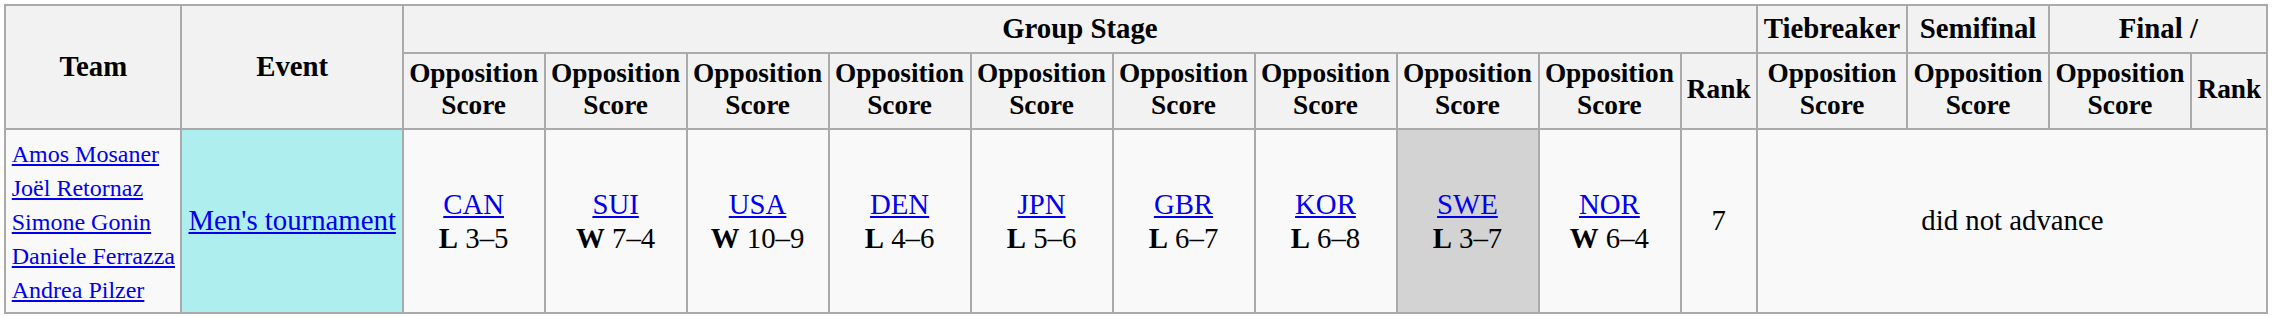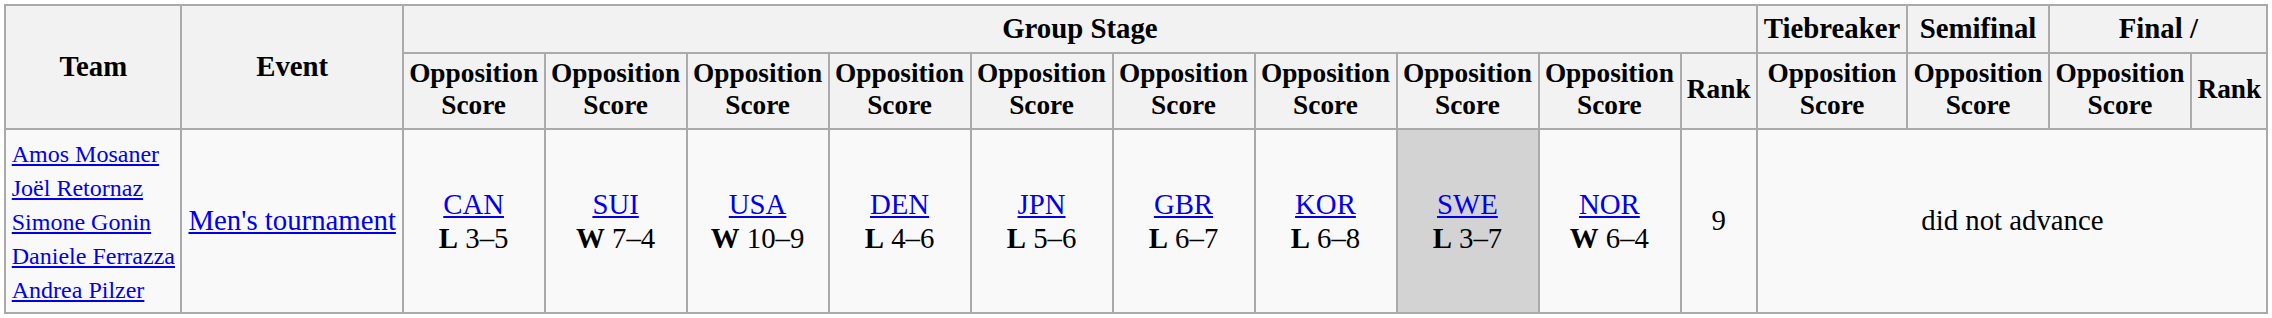 <table class="wikitable" style="font-size:90%">
 <tr>
 <th rowspan=2>Team</th>
 <th rowspan=2>Event</th>
 <th colspan=10>Group Stage</th>
 <th>Tiebreaker</th>
 <th>Semifinal</th>
 <th colspan=2>Final / </th>
 </tr>
 <tr style="font-size:95%">
 <th>Opposition<br>Score</th>
 <th>Opposition<br>Score</th>
 <th>Opposition<br>Score</th>
 <th>Opposition<br>Score</th>
 <th>Opposition<br>Score</th>
 <th>Opposition<br>Score</th>
 <th>Opposition<br>Score</th>
 <th>Opposition<br>Score</th>
 <th>Opposition<br>Score</th>
 <th>Rank</th>
 <th>Opposition<br>Score</th>
 <th>Opposition<br>Score</th>
 <th>Opposition<br>Score</th>
 <th>Rank</th>
 </tr>
 <tr align=center>
 <td align=left><small><a href='#'>Amos Mosaner</a><br><a href='#'>Joël Retornaz</a><br><a href='#'>Simone Gonin</a><br><a href='#'>Daniele Ferrazza</a><br><a href='#'>Andrea Pilzer</a></small></td>
-<td align=left style="background: paleturquoise;"><a href='#'>Men's tournament</a></td>
+<td align=left><a href='#'>Men's tournament</a></td>
 <td> <a href='#'>CAN</a><br><strong>L</strong> 3–5</td>
 <td> <a href='#'>SUI</a><br><strong>W</strong> 7–4</td>
 <td> <a href='#'>USA</a><br><strong>W</strong> 10–9</td>
 <td> <a href='#'>DEN</a><br> <strong>L</strong> 4–6</td>
 <td> <a href='#'>JPN</a><br> <strong>L</strong> 5–6</td>
 <td> <a href='#'>GBR</a><br> <strong>L</strong> 6–7</td>
 <td> <a href='#'>KOR</a><br><strong>L</strong> 6–8</td>
 <td style="background: lightgrey;"> <a href='#'>SWE</a><br> <strong>L</strong> 3–7</td>
 <td> <a href='#'>NOR</a><br> <strong>W</strong> 6–4</td>
-<td>7</td>
+<td>9</td>
 <td colspan=4>did not advance</td>
 </tr>
 </table>
